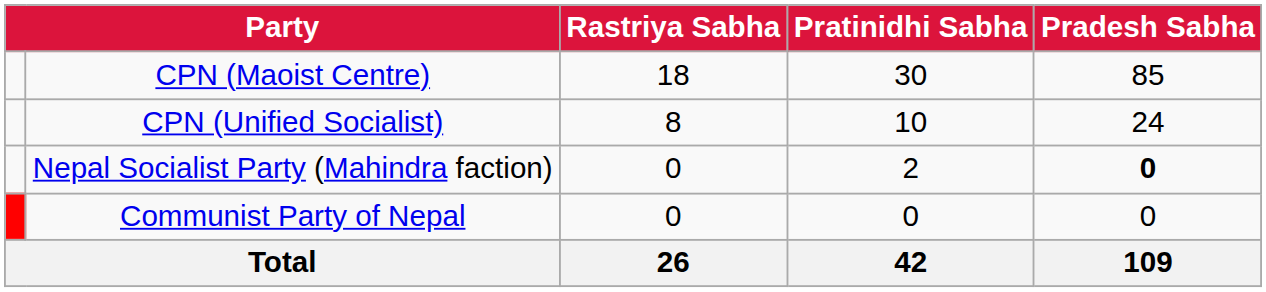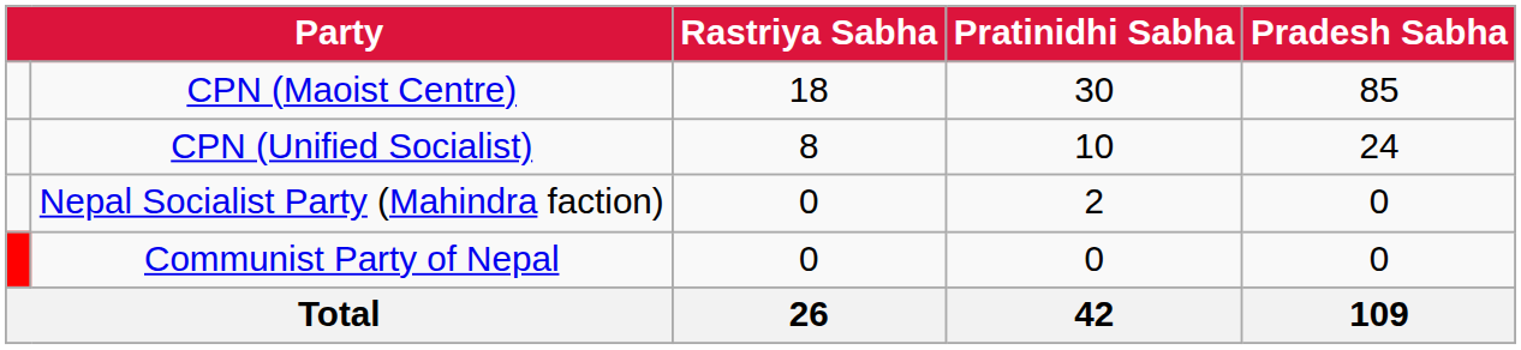 <table class="wikitable sortable" style="text-align:center">
 <tr>
 <th colspan="2" style="background-color:crimson; color:white">Party</th>
 <th style="background-color:crimson; color:white">Rastriya Sabha</th>
 <th style="background-color:crimson; color:white">Pratinidhi Sabha</th>
 <th style="background-color:crimson; color:white">Pradesh Sabha</th>
 </tr>
 <tr>
 <td></td>
 <td><a href='#'>CPN (Maoist Centre)</a></td>
 <td>18</td>
 <td>30</td>
 <td>85</td>
 </tr>
 <tr>
 <td></td>
 <td><a href='#'>CPN (Unified Socialist)</a></td>
 <td>8</td>
 <td>10</td>
 <td>24</td>
 </tr>
 <tr>
 <td></td>
 <td><a href='#'>Nepal Socialist Party</a> (<a href='#'>Mahindra</a> faction)</td>
 <td>0</td>
 <td>2</td>
-<td><strong>0</strong></td>
+<td>0</td>
 </tr>
 <tr>
 <td bgcolor="Red" width="4px"></td>
 <td><a href='#'>Communist Party of Nepal</a></td>
 <td>0</td>
 <td>0</td>
 <td>0</td>
 </tr>
 <tr>
 <th colspan="2">Total</th>
 <th>26</th>
 <th>42</th>
 <th>109</th>
 </tr>
 </table>
